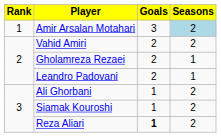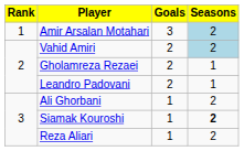 <table class="wikitable">
 <tr>
 <th style="color:#000; background:#ff0;">Rank</th>
 <th style="color:#000; background:#ff0;">Player</th>
 <th style="color:#000; background:#ff0;">Goals</th>
 <th style="color:#000; background:#ff0;">Seasons</th>
 </tr>
 <tr>
 <td style="text-align:center;">1</td>
 <td> <a href='#'>Amir Arsalan Motahari</a></td>
 <td style="text-align:center;">3</td>
 <td style="background: lightblue; text-align:center;">2</td>
 </tr>
 <tr>
 <td rowspan="3" style="text-align:center;">2</td>
 <td> <a href='#'>Vahid Amiri</a></td>
 <td style="text-align:center;">2</td>
-<td style="text-align:center;">2</td>
+<td style="background: lightblue; text-align:center;">2</td>
 </tr>
 <tr>
 <td> <a href='#'>Gholamreza Rezaei</a></td>
 <td style="text-align:center;">2</td>
 <td style="text-align:center;">1</td>
 </tr>
 <tr>
 <td> <a href='#'>Leandro Padovani</a></td>
 <td style="text-align:center;">2</td>
 <td style="text-align:center;">1</td>
 </tr>
 <tr>
 <td rowspan="3" style="text-align:center;">3</td>
 <td> <a href='#'>Ali Ghorbani</a></td>
 <td style="text-align:center;">1</td>
 <td style="text-align:center;">2</td>
 </tr>
 <tr>
 <td> <a href='#'>Siamak Kouroshi</a></td>
 <td style="text-align:center;">1</td>
-<td style="text-align:center;">2</td>
+<td style="text-align:center;"><strong>2</strong></td>
 </tr>
 <tr>
 <td> <a href='#'>Reza Aliari</a></td>
-<td style="text-align:center;"><strong>1</strong></td>
+<td style="text-align:center;">1</td>
 <td style="text-align:center;">2</td>
 </tr>
 </table>
